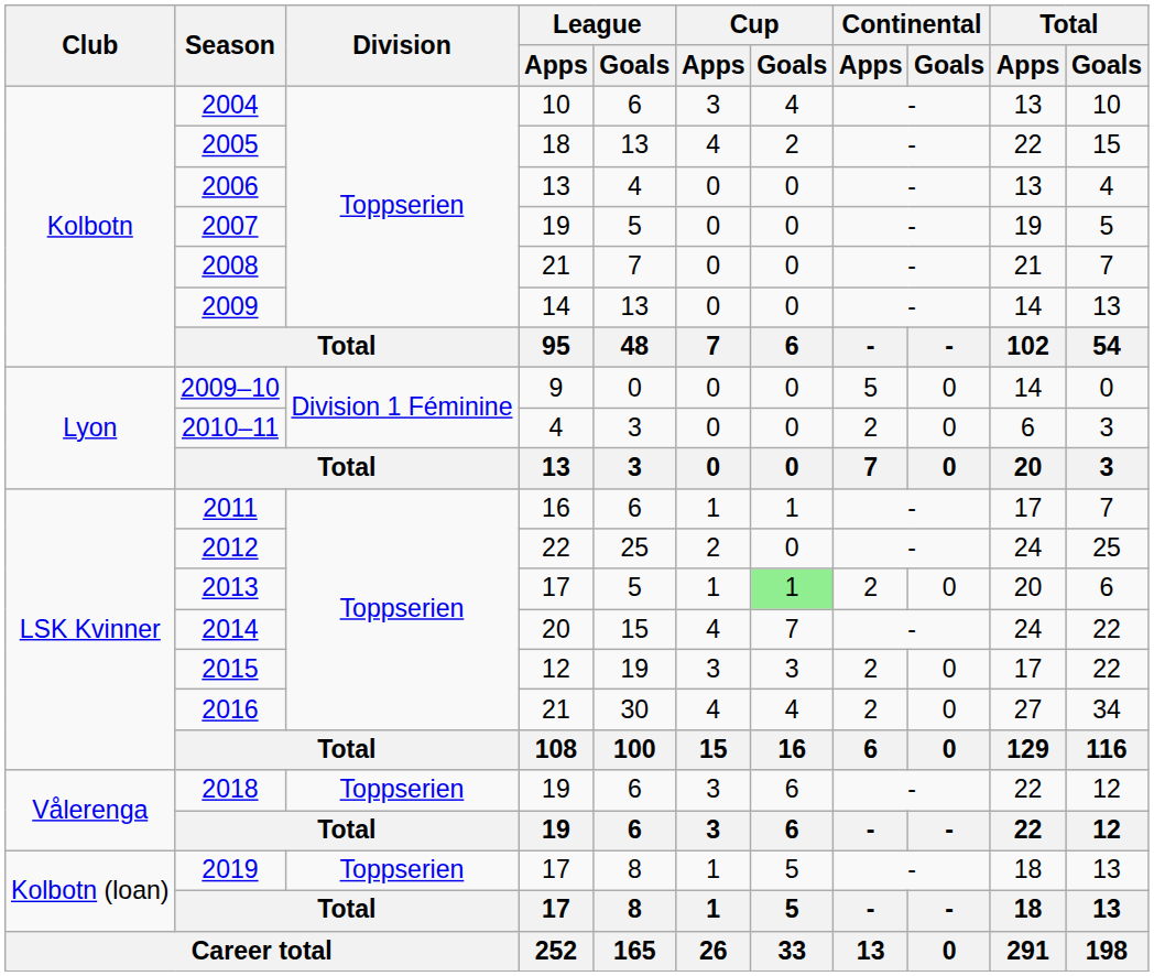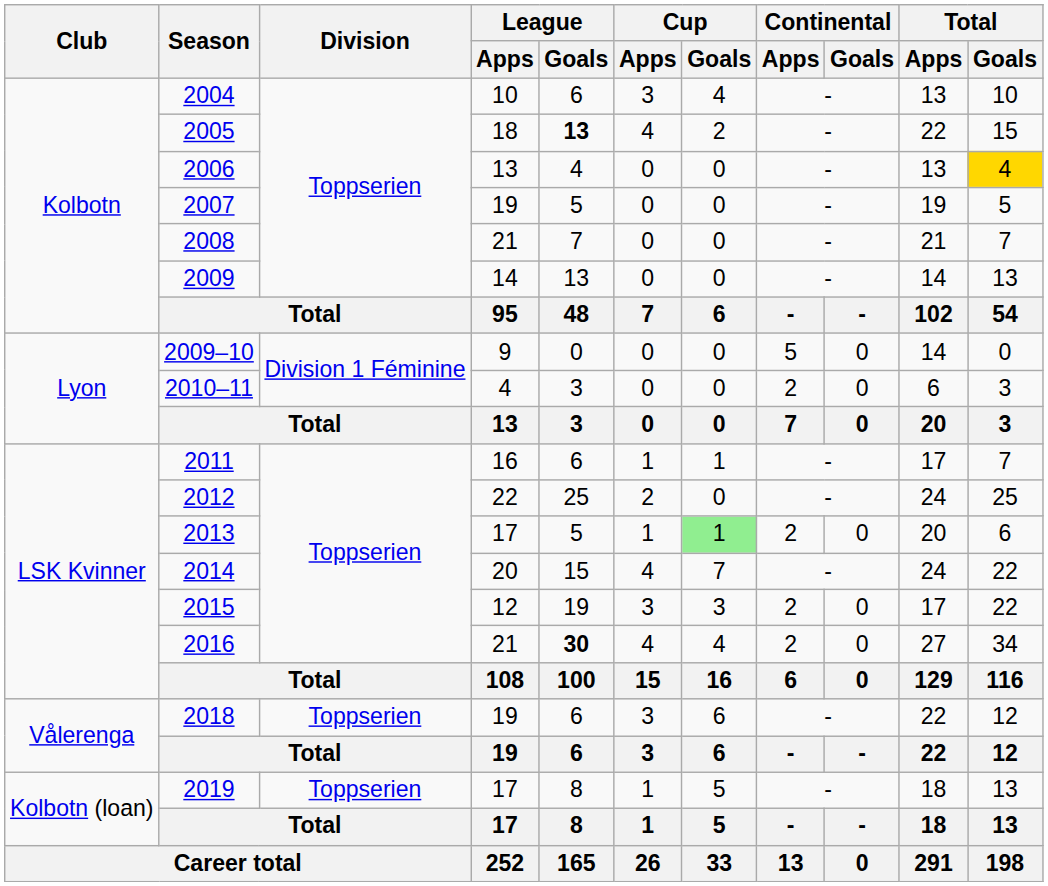 <table class="wikitable" style="text-align: center;">
 <tr>
 <th rowspan="2">Club</th>
 <th rowspan="2">Season</th>
 <th rowspan="2">Division</th>
 <th colspan="2">League</th>
 <th colspan="2">Cup</th>
 <th colspan="2">Continental</th>
 <th colspan="2">Total</th>
 </tr>
 <tr>
 <th>Apps</th>
 <th>Goals</th>
 <th>Apps</th>
 <th>Goals</th>
 <th>Apps</th>
 <th>Goals</th>
 <th>Apps</th>
 <th>Goals</th>
 </tr>
 <tr>
 <td rowspan="7" valign="center"><a href='#'>Kolbotn</a></td>
 <td><a href='#'>2004</a></td>
 <td rowspan="6" valign="center"><a href='#'>Toppserien</a></td>
 <td>10</td>
 <td>6</td>
 <td>3</td>
 <td>4</td>
 <td colspan="2">-</td>
 <td>13</td>
 <td>10</td>
 </tr>
 <tr>
 <td><a href='#'>2005</a></td>
 <td>18</td>
-<td>13</td>
+<td><strong>13</strong></td>
 <td>4</td>
 <td>2</td>
 <td colspan="2">-</td>
 <td>22</td>
 <td>15</td>
 </tr>
 <tr>
 <td><a href='#'>2006</a></td>
 <td>13</td>
 <td>4</td>
 <td>0</td>
 <td>0</td>
 <td colspan="2">-</td>
 <td>13</td>
-<td>4</td>
+<td style="background: gold;">4</td>
 </tr>
 <tr>
 <td><a href='#'>2007</a></td>
 <td>19</td>
 <td>5</td>
 <td>0</td>
 <td>0</td>
 <td colspan="2">-</td>
 <td>19</td>
 <td>5</td>
 </tr>
 <tr>
 <td><a href='#'>2008</a></td>
 <td>21</td>
 <td>7</td>
 <td>0</td>
 <td>0</td>
 <td colspan="2">-</td>
 <td>21</td>
 <td>7</td>
 </tr>
 <tr>
 <td><a href='#'>2009</a></td>
 <td>14</td>
 <td>13</td>
 <td>0</td>
 <td>0</td>
 <td colspan="2">-</td>
 <td>14</td>
 <td>13</td>
 </tr>
 <tr>
 <th colspan="2">Total</th>
 <th>95</th>
 <th>48</th>
 <th>7</th>
 <th>6</th>
 <th>-</th>
 <th>-</th>
 <th>102</th>
 <th>54</th>
 </tr>
 <tr>
 <td rowspan="3" valign="center"><a href='#'>Lyon</a></td>
 <td><a href='#'>2009–10</a></td>
 <td rowspan="2" valign="center"><a href='#'>Division 1 Féminine</a></td>
 <td>9</td>
 <td>0</td>
 <td>0</td>
 <td>0</td>
 <td>5</td>
 <td>0</td>
 <td>14</td>
 <td>0</td>
 </tr>
 <tr>
 <td><a href='#'>2010–11</a></td>
 <td>4</td>
 <td>3</td>
 <td>0</td>
 <td>0</td>
 <td>2</td>
 <td>0</td>
 <td>6</td>
 <td>3</td>
 </tr>
 <tr>
 <th colspan="2">Total</th>
 <th>13</th>
 <th>3</th>
 <th>0</th>
 <th>0</th>
 <th>7</th>
 <th>0</th>
 <th>20</th>
 <th>3</th>
 </tr>
 <tr>
 <td rowspan="7" valign="center"><a href='#'>LSK Kvinner</a></td>
 <td><a href='#'>2011</a></td>
 <td rowspan="6" valign="center"><a href='#'>Toppserien</a></td>
 <td>16</td>
 <td>6</td>
 <td>1</td>
 <td>1</td>
 <td colspan="2">-</td>
 <td>17</td>
 <td>7</td>
 </tr>
 <tr>
 <td><a href='#'>2012</a></td>
 <td>22</td>
 <td>25</td>
 <td>2</td>
 <td>0</td>
 <td colspan="2">-</td>
 <td>24</td>
 <td>25</td>
 </tr>
 <tr>
 <td><a href='#'>2013</a></td>
 <td>17</td>
 <td>5</td>
 <td>1</td>
 <td style="background: lightgreen;">1</td>
 <td>2</td>
 <td>0</td>
 <td>20</td>
 <td>6</td>
 </tr>
 <tr>
 <td><a href='#'>2014</a></td>
 <td>20</td>
 <td>15</td>
 <td>4</td>
 <td>7</td>
 <td colspan="2">-</td>
 <td>24</td>
 <td>22</td>
 </tr>
 <tr>
 <td><a href='#'>2015</a></td>
 <td>12</td>
 <td>19</td>
 <td>3</td>
 <td>3</td>
 <td>2</td>
 <td>0</td>
 <td>17</td>
 <td>22</td>
 </tr>
 <tr>
 <td><a href='#'>2016</a></td>
 <td>21</td>
-<td>30</td>
+<td><strong>30</strong></td>
 <td>4</td>
 <td>4</td>
 <td>2</td>
 <td>0</td>
 <td>27</td>
 <td>34</td>
 </tr>
 <tr>
 <th colspan="2">Total</th>
 <th>108</th>
 <th>100</th>
 <th>15</th>
 <th>16</th>
 <th>6</th>
 <th>0</th>
 <th>129</th>
 <th>116</th>
 </tr>
 <tr>
 <td rowspan="2" valign="center"><a href='#'>Vålerenga</a></td>
 <td><a href='#'>2018</a></td>
 <td rowspan="1" valign="center"><a href='#'>Toppserien</a></td>
 <td>19</td>
 <td>6</td>
 <td>3</td>
 <td>6</td>
 <td colspan="2">-</td>
 <td>22</td>
 <td>12</td>
 </tr>
 <tr>
 <th colspan="2">Total</th>
 <th>19</th>
 <th>6</th>
 <th>3</th>
 <th>6</th>
 <th>-</th>
 <th>-</th>
 <th>22</th>
 <th>12</th>
 </tr>
 <tr>
 <td rowspan="2" valign="center"><a href='#'>Kolbotn</a> (loan)</td>
 <td><a href='#'>2019</a></td>
 <td rowspan="1" valign="center"><a href='#'>Toppserien</a></td>
 <td>17</td>
 <td>8</td>
 <td>1</td>
 <td>5</td>
 <td colspan="2">-</td>
 <td>18</td>
 <td>13</td>
 </tr>
 <tr>
 <th colspan="2">Total</th>
 <th>17</th>
 <th>8</th>
 <th>1</th>
 <th>5</th>
 <th>-</th>
 <th>-</th>
 <th>18</th>
 <th>13</th>
 </tr>
 <tr>
 <th colspan="3">Career total</th>
 <th>252</th>
 <th>165</th>
 <th>26</th>
 <th>33</th>
 <th>13</th>
 <th>0</th>
 <th>291</th>
 <th>198</th>
 </tr>
 </table>
